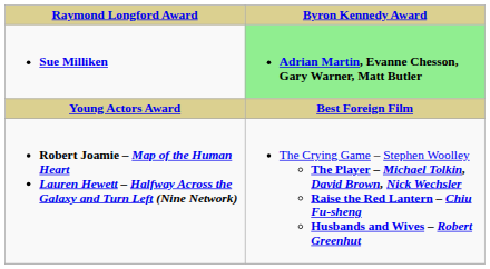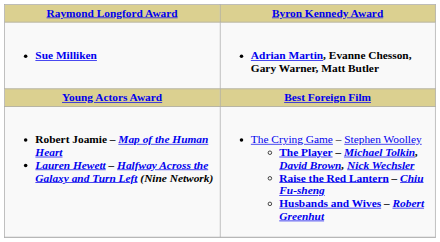 <table class=wikitable style="width="100%">
 <tr>
 <th style="background:#DBD090;" ! width="50%"><a href='#'>Raymond Longford Award</a></th>
 <th style="background:#DBD090;" ! width="50%"><a href='#'>Byron Kennedy Award</a></th>
 </tr>
 <tr>
 <td valign="top"><br><ul><li><strong><a href='#'>Sue Milliken</a></strong></li></ul></td>
-<td valign="top" style="background: lightgreen;"><br><ul><li><strong><a href='#'>Adrian Martin</a>, Evanne Chesson, Gary Warner, Matt Butler</strong></li></ul></td>
+<td valign="top"><br><ul><li><strong><a href='#'>Adrian Martin</a>, Evanne Chesson, Gary Warner, Matt Butler</strong></li></ul></td>
 </tr>
 <tr>
 <th style="background:#DBD090;" ! width="50%"><a href='#'>Young Actors Award</a></th>
 <th style="background:#DBD090;" ! width="50%"><a href='#'>Best Foreign Film</a></th>
 </tr>
 <tr>
 <td valign="top"><br><ul><li><strong>Robert Joamie – <em><a href='#'>Map of the Human Heart</a><strong><em></li><li></strong><a href='#'>Lauren Hewett</a> – </em><a href='#'>Halfway Across the Galaxy and Turn Left</a><em> (Nine Network)<strong></li></ul></td>
 <td valign="top"><br><ul><li></em></strong><a href='#'>The Crying Game</a> – <a href='#'>Stephen Woolley</a><strong><em><ul><li></em><a href='#'>The Player</a><em> – <a href='#'>Michael Tolkin</a>, <a href='#'>David Brown</a>, <a href='#'>Nick Wechsler</a></li><li></em><a href='#'>Raise the Red Lantern</a><em> – <a href='#'>Chiu Fu-sheng</a></li><li></em><a href='#'>Husbands and Wives</a><em> – <a href='#'>Robert Greenhut</a></li></ul></li></ul></td>
 </tr>
 <tr>
 </tr>
 </table>
